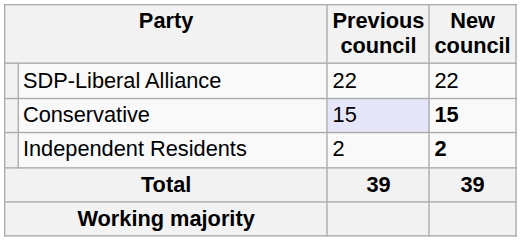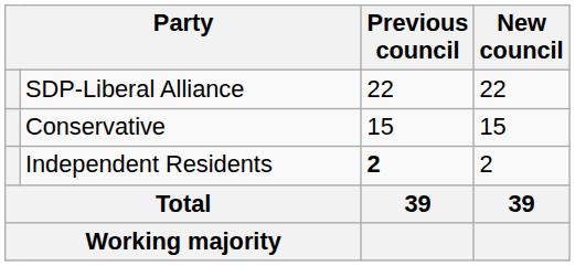 <table class="wikitable">
 <tr>
 <th valign=top colspan="2" style="width: 230px">Party</th>
 <th valign=top style="width: 30px">Previous council</th>
 <th valign=top style="width: 30px">New council</th>
 </tr>
 <tr>
 <th style="background-color: "></th>
 <td>SDP-Liberal Alliance</td>
 <td>22</td>
 <td>22</td>
 </tr>
 <tr>
 <th style="background-color: "></th>
 <td>Conservative</td>
-<td style="background: lavender;">15</td>
-<td><strong>15</strong></td>
+<td>15</td>
+<td>15</td>
 </tr>
 <tr>
 <th style="background-color: "></th>
 <td>Independent Residents</td>
+<td><strong>2</strong></td>
 <td>2</td>
-<td><strong>2</strong></td>
 </tr>
 <tr>
 <th colspan=2>Total</th>
 <th style="text-align: center">39</th>
 <th colspan=3>39</th>
 </tr>
 <tr>
 <th colspan=2>Working majority</th>
 <th></th>
 <th></th>
 </tr>
 </table>
